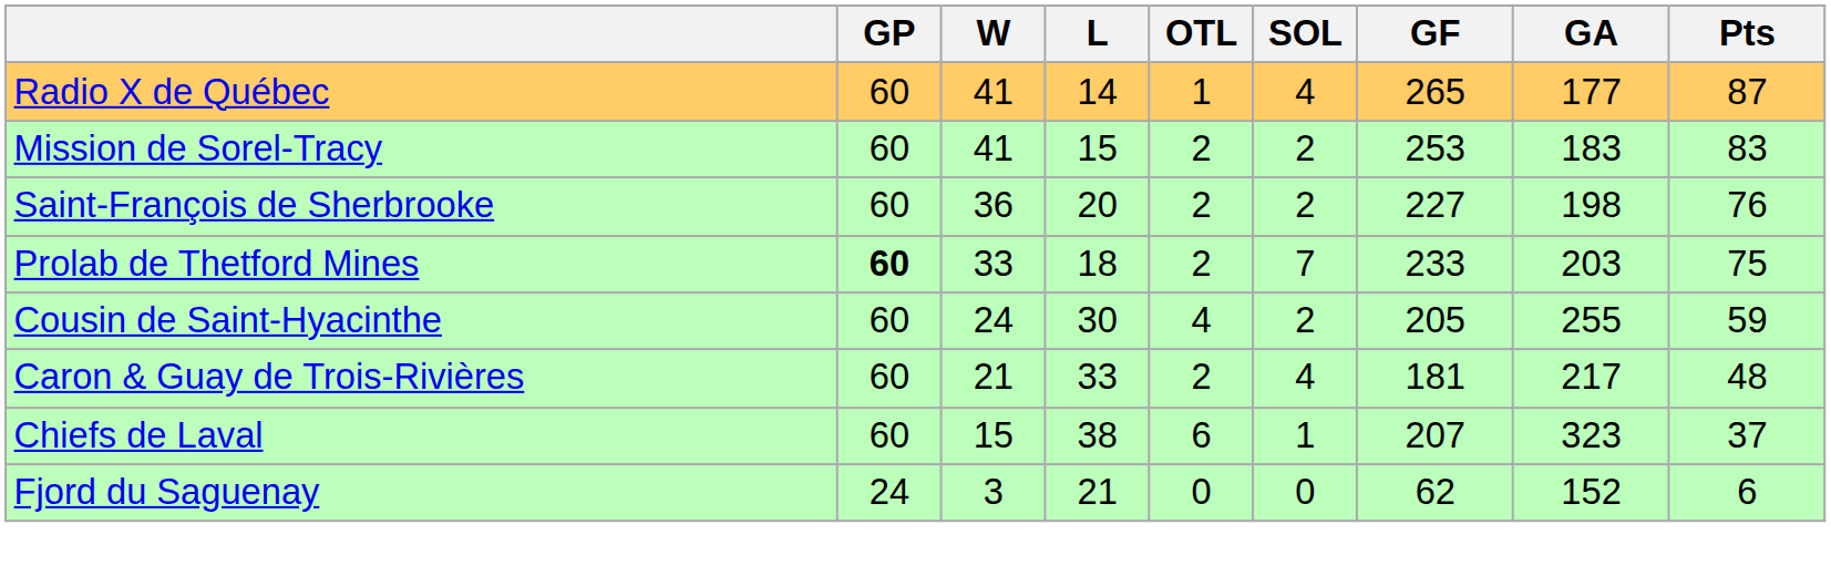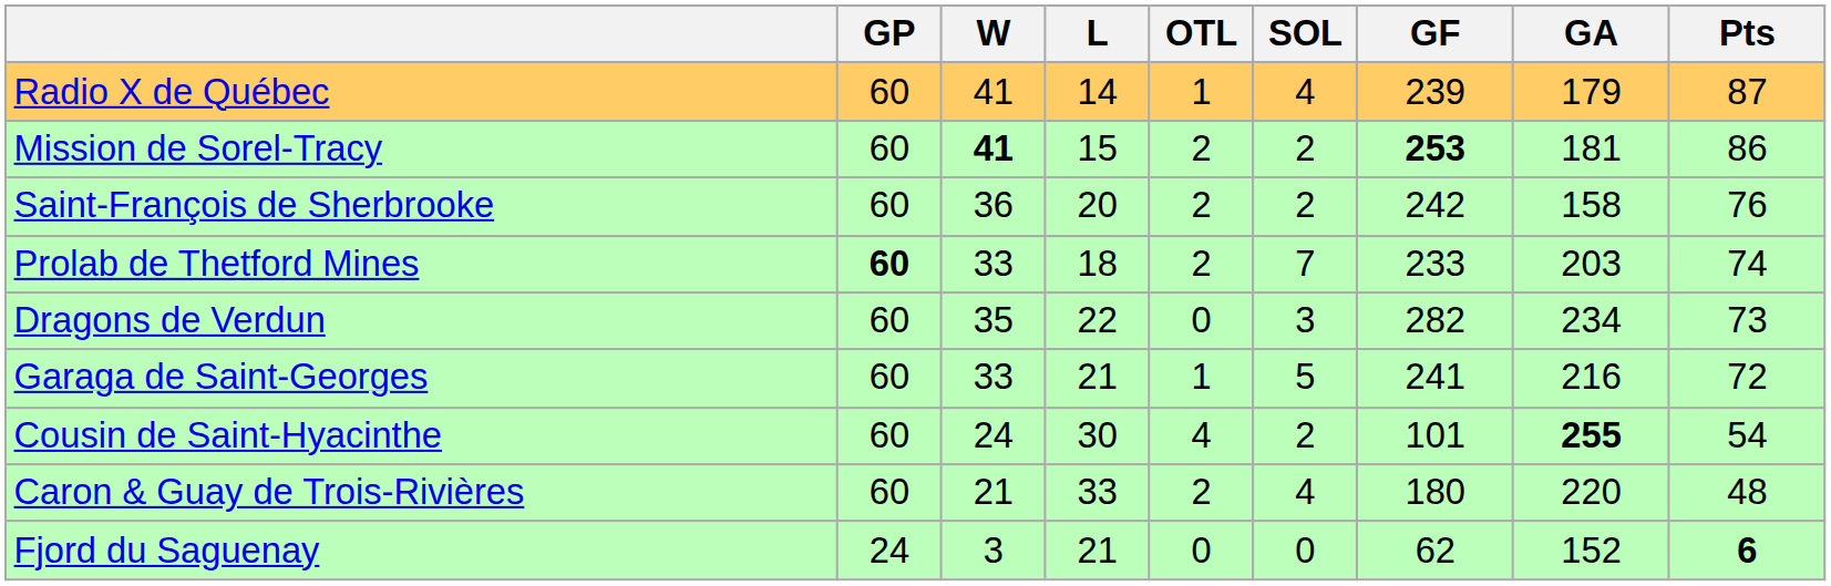 <table class="wikitable">
 <tr>
 <th width="40%" bgcolor="#e0e0e0"></th>
 <th width="5%" bgcolor="#e0e0e0">GP</th>
 <th width="5%" bgcolor="#e0e0e0">W</th>
 <th width="5%" bgcolor="#e0e0e0">L</th>
 <th width="5%" bgcolor="#e0e0e0">OTL</th>
 <th width="5%" bgcolor="#e0e0e0">SOL</th>
 <th width="7.5%" bgcolor="#e0e0e0">GF</th>
 <th width="7.5%" bgcolor="#e0e0e0">GA</th>
 <th width="7.5%" bgcolor="#e0e0e0">Pts</th>
 </tr>
 <tr align="center" bgcolor="#FFCC66">
 <td align="left"><a href='#'>Radio X de Québec</a></td>
 <td>60</td>
 <td>41</td>
 <td>14</td>
 <td>1</td>
 <td>4</td>
-<td>265</td>
-<td>177</td>
+<td>239</td>
+<td>179</td>
 <td>87</td>
 </tr>
 <tr align="center" bgcolor="#bbffbb">
 <td align="left"><a href='#'>Mission de Sorel-Tracy</a></td>
 <td>60</td>
-<td>41</td>
+<td><strong>41</strong></td>
 <td>15</td>
 <td>2</td>
 <td>2</td>
-<td>253</td>
-<td>183</td>
-<td>83</td>
+<td><strong>253</strong></td>
+<td>181</td>
+<td>86</td>
 </tr>
 <tr align="center" bgcolor="#bbffbb">
 <td align="left"><a href='#'>Saint-François de Sherbrooke</a></td>
 <td>60</td>
 <td>36</td>
 <td>20</td>
 <td>2</td>
 <td>2</td>
-<td>227</td>
-<td>198</td>
+<td>242</td>
+<td>158</td>
 <td>76</td>
 </tr>
 <tr align="center" bgcolor="#bbffbb">
 <td align="left"><a href='#'>Prolab de Thetford Mines</a></td>
 <td><strong>60</strong></td>
 <td>33</td>
 <td>18</td>
 <td>2</td>
 <td>7</td>
 <td>233</td>
 <td>203</td>
-<td>75</td>
+<td>74</td>
+</tr>
+<tr align="center" bgcolor="#bbffbb">
+<td align="left"><a href='#'>Dragons de Verdun</a></td>
+<td>60</td>
+<td>35</td>
+<td>22</td>
+<td>0</td>
+<td>3</td>
+<td>282</td>
+<td>234</td>
+<td>73</td>
+</tr>
+<tr align="center" bgcolor="#bbffbb">
+<td align="left"><a href='#'>Garaga de Saint-Georges</a></td>
+<td>60</td>
+<td>33</td>
+<td>21</td>
+<td>1</td>
+<td>5</td>
+<td>241</td>
+<td>216</td>
+<td>72</td>
 </tr>
 <tr align="center" bgcolor="#bbffbb">
 <td align="left"><a href='#'>Cousin de Saint-Hyacinthe</a></td>
 <td>60</td>
 <td>24</td>
 <td>30</td>
 <td>4</td>
 <td>2</td>
-<td>205</td>
-<td>255</td>
-<td>59</td>
+<td>101</td>
+<td><strong>255</strong></td>
+<td>54</td>
 </tr>
 <tr align="center" bgcolor="#bbffbb">
 <td align="left"><a href='#'>Caron & Guay de Trois-Rivières</a></td>
 <td>60</td>
 <td>21</td>
 <td>33</td>
 <td>2</td>
 <td>4</td>
-<td>181</td>
-<td>217</td>
+<td>180</td>
+<td>220</td>
 <td>48</td>
-</tr>
-<tr align="center" bgcolor="#bbffbb">
-<td align="left"><a href='#'>Chiefs de Laval</a></td>
-<td>60</td>
-<td>15</td>
-<td>38</td>
-<td>6</td>
-<td>1</td>
-<td>207</td>
-<td>323</td>
-<td>37</td>
 </tr>
 <tr align="center" bgcolor="#bbffbb">
 <td align="left"><a href='#'>Fjord du Saguenay</a></td>
 <td>24</td>
 <td>3</td>
 <td>21</td>
 <td>0</td>
 <td>0</td>
 <td>62</td>
 <td>152</td>
-<td>6</td>
+<td><strong>6</strong></td>
 </tr>
 </table>
